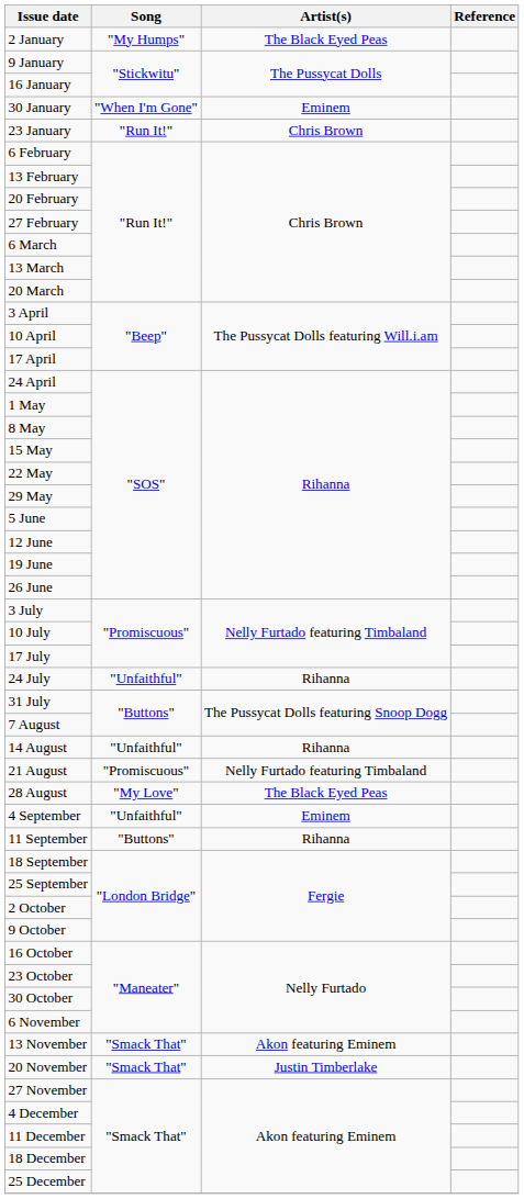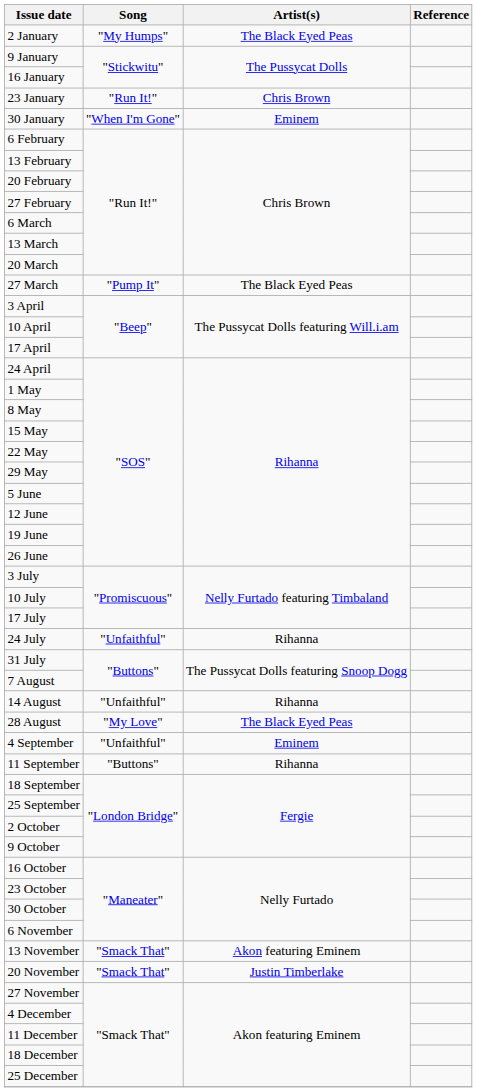 <table class="wikitable">
 <tr>
 <th>Issue date</th>
 <th>Song</th>
 <th>Artist(s)</th>
 <th>Reference</th>
 </tr>
 <tr>
 <td align="left">2 January</td>
 <td align="center">"<a href='#'>My Humps</a>"</td>
 <td align="center"><a href='#'>The Black Eyed Peas</a></td>
 <td align="center"></td>
 </tr>
 <tr>
 <td align="left">9 January</td>
 <td align="center" rowspan="2">"<a href='#'>Stickwitu</a>"</td>
 <td align="center" rowspan="2"><a href='#'>The Pussycat Dolls</a></td>
 <td align="center"></td>
 </tr>
 <tr>
 <td align="left">16 January</td>
 <td align="center"></td>
 </tr>
 <tr>
+<td align="left">23 January</td>
+<td align="center">"<a href='#'>Run It!</a>"</td>
+<td align="center"><a href='#'>Chris Brown</a></td>
+<td align="center"></td>
+</tr>
+<tr>
 <td align="left">30 January</td>
 <td align="center">"<a href='#'>When I'm Gone</a>"</td>
 <td align="center"><a href='#'>Eminem</a></td>
-<td align="center"></td>
-</tr>
-<tr>
-<td align="left">23 January</td>
-<td align="center">"<a href='#'>Run It!</a>"</td>
-<td align="center"><a href='#'>Chris Brown</a></td>
 <td align="center"></td>
 </tr>
 <tr>
 <td align="left">6 February</td>
 <td align="center" rowspan="7">"Run It!"</td>
 <td align="center" rowspan="7">Chris Brown</td>
 <td align="center"></td>
 </tr>
 <tr>
 <td align="left">13 February</td>
 <td align="center"></td>
 </tr>
 <tr>
 <td align="left">20 February</td>
 <td align="center"></td>
 </tr>
 <tr>
 <td align="left">27 February</td>
 <td align="center"></td>
 </tr>
 <tr>
 <td align="left">6 March</td>
 <td align="center"></td>
 </tr>
 <tr>
 <td align="left">13 March</td>
 <td align="center"></td>
 </tr>
 <tr>
 <td align="left">20 March</td>
+<td align="center"></td>
+</tr>
+<tr>
+<td align="left">27 March</td>
+<td align="center">"<a href='#'>Pump It</a>"</td>
+<td align="center">The Black Eyed Peas</td>
 <td align="center"></td>
 </tr>
 <tr>
 <td align="left">3 April</td>
 <td align="center" rowspan="3">"<a href='#'>Beep</a>"</td>
 <td align="center" rowspan="3">The Pussycat Dolls featuring <a href='#'>Will.i.am</a></td>
 <td align="center"></td>
 </tr>
 <tr>
 <td align="left">10 April</td>
 <td align="center"></td>
 </tr>
 <tr>
 <td align="left">17 April</td>
 <td align="center"></td>
 </tr>
 <tr>
 <td align="left">24 April</td>
 <td align="center" rowspan="10">"<a href='#'>SOS</a>"</td>
 <td align="center" rowspan="10"><a href='#'>Rihanna</a></td>
 <td align="center"></td>
 </tr>
 <tr>
 <td align="left">1 May</td>
 <td align="center"></td>
 </tr>
 <tr>
 <td align="left">8 May</td>
 <td align="center"></td>
 </tr>
 <tr>
 <td align="left">15 May</td>
 <td align="center"></td>
 </tr>
 <tr>
 <td align="left">22 May</td>
 <td align="center"></td>
 </tr>
 <tr>
 <td align="left">29 May</td>
 <td align="center"></td>
 </tr>
 <tr>
 <td align="left">5 June</td>
 <td align="center"></td>
 </tr>
 <tr>
 <td align="left">12 June</td>
 <td align="center"></td>
 </tr>
 <tr>
 <td align="left">19 June</td>
 <td align="center"></td>
 </tr>
 <tr>
 <td align="left">26 June</td>
 <td align="center"></td>
 </tr>
 <tr>
 <td align="left">3 July</td>
 <td align="center" rowspan="3">"<a href='#'>Promiscuous</a>"</td>
 <td align="center" rowspan="3"><a href='#'>Nelly Furtado</a> featuring <a href='#'>Timbaland</a></td>
 <td align="center"></td>
 </tr>
 <tr>
 <td align="left">10 July</td>
 <td align="center"></td>
 </tr>
 <tr>
 <td align="left">17 July</td>
 <td align="center"></td>
 </tr>
 <tr>
 <td align="left">24 July</td>
 <td align="center">"<a href='#'>Unfaithful</a>"</td>
 <td align="center">Rihanna</td>
 <td align="center"></td>
 </tr>
 <tr>
 <td align="left">31 July</td>
 <td align="center" rowspan="2">"<a href='#'>Buttons</a>"</td>
 <td align="center" rowspan="2">The Pussycat Dolls featuring <a href='#'>Snoop Dogg</a></td>
 <td align="center"></td>
 </tr>
 <tr>
 <td align="left">7 August</td>
 <td align="center"></td>
 </tr>
 <tr>
 <td align="left">14 August</td>
 <td align="center">"Unfaithful"</td>
 <td align="center">Rihanna</td>
 <td align="center"></td>
 </tr>
 <tr>
-<td align="left">21 August</td>
-<td align="center">"Promiscuous"</td>
-<td align="center">Nelly Furtado featuring Timbaland</td>
-<td align="center"></td>
-</tr>
-<tr>
 <td align="left">28 August</td>
 <td align="center">"<a href='#'>My Love</a>"</td>
 <td align="center"><a href='#'>The Black Eyed Peas</a></td>
 <td align="center"></td>
 </tr>
 <tr>
 <td align="left">4 September</td>
 <td align="center">"Unfaithful"</td>
 <td align="center"><a href='#'>Eminem</a></td>
 <td align="center"></td>
 </tr>
 <tr>
 <td align="left">11 September</td>
 <td align="center">"Buttons"</td>
 <td align="center">Rihanna</td>
 <td align="center"></td>
 </tr>
 <tr>
 <td align="left">18 September</td>
 <td align="center" rowspan="4">"<a href='#'>London Bridge</a>"</td>
 <td align="center" rowspan="4"><a href='#'>Fergie</a></td>
 <td align="center"></td>
 </tr>
 <tr>
 <td align="left">25 September</td>
 <td align="center"></td>
 </tr>
 <tr>
 <td align="left">2 October</td>
 <td align="center"></td>
 </tr>
 <tr>
 <td align="left">9 October</td>
 <td align="center"></td>
 </tr>
 <tr>
 <td align="left">16 October</td>
 <td align="center" rowspan="4">"<a href='#'>Maneater</a>"</td>
 <td align="center" rowspan="4">Nelly Furtado</td>
 <td align="center"></td>
 </tr>
 <tr>
 <td align="left">23 October</td>
 <td align="center"></td>
 </tr>
 <tr>
 <td align="left">30 October</td>
 <td align="center"></td>
 </tr>
 <tr>
 <td align="left">6 November</td>
 <td align="center"></td>
 </tr>
 <tr>
 <td align="left">13 November</td>
 <td align="center">"<a href='#'>Smack That</a>"</td>
 <td align="center"><a href='#'>Akon</a> featuring Eminem</td>
 <td align="center"></td>
 </tr>
 <tr>
 <td align="left">20 November</td>
 <td align="center">"<a href='#'>Smack That</a>"</td>
 <td align="center"><a href='#'>Justin Timberlake</a></td>
 <td align="center"></td>
 </tr>
 <tr>
 <td align="left">27 November</td>
 <td align="center" rowspan="5">"Smack That"</td>
 <td align="center" rowspan="5">Akon featuring Eminem</td>
 <td align="center"></td>
 </tr>
 <tr>
 <td align="left">4 December</td>
 <td align="center"></td>
 </tr>
 <tr>
 <td align="left">11 December</td>
 <td align="center"></td>
 </tr>
 <tr>
 <td align="left">18 December</td>
 <td align="center"></td>
 </tr>
 <tr>
 <td align="left">25 December</td>
 <td align="center"></td>
 </tr>
 <tr>
 </tr>
 </table>
